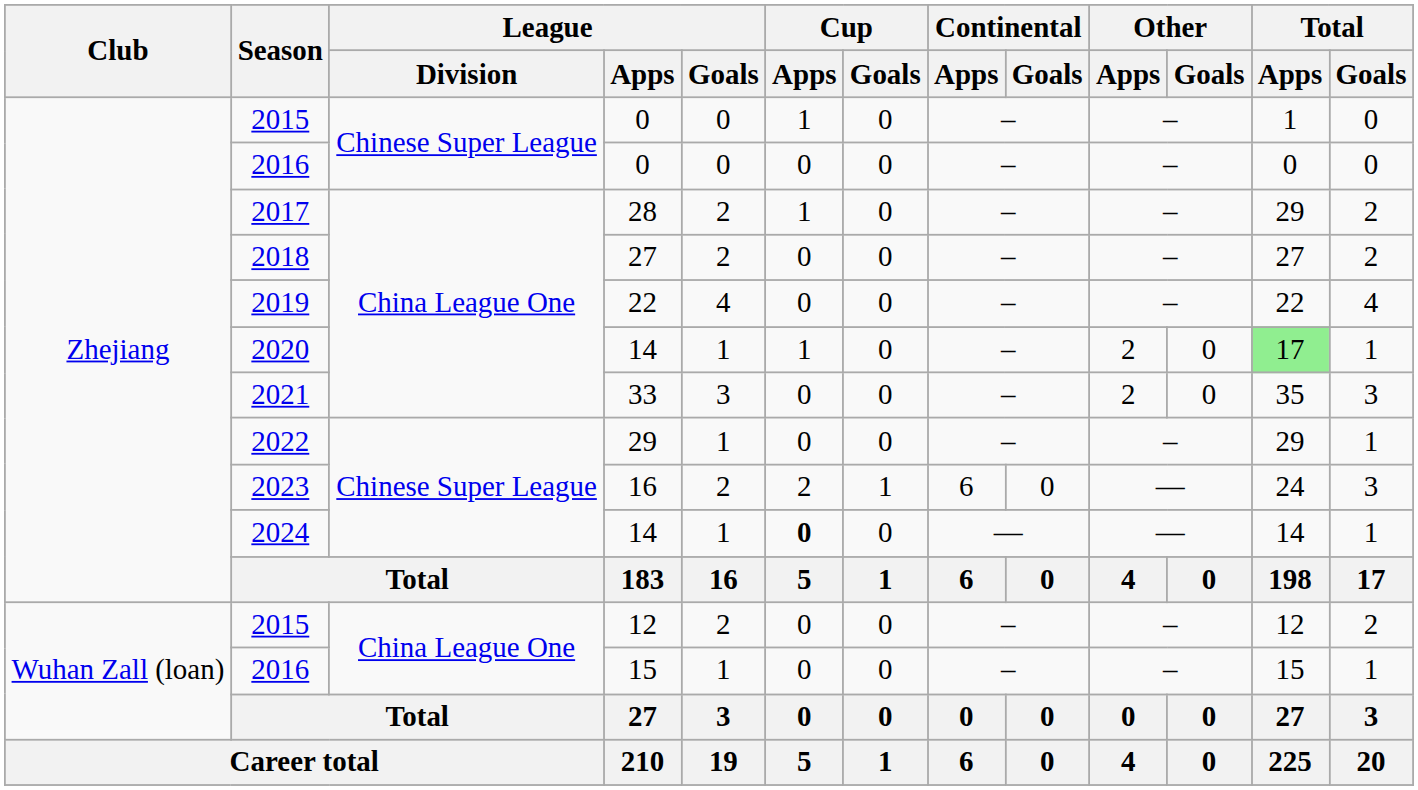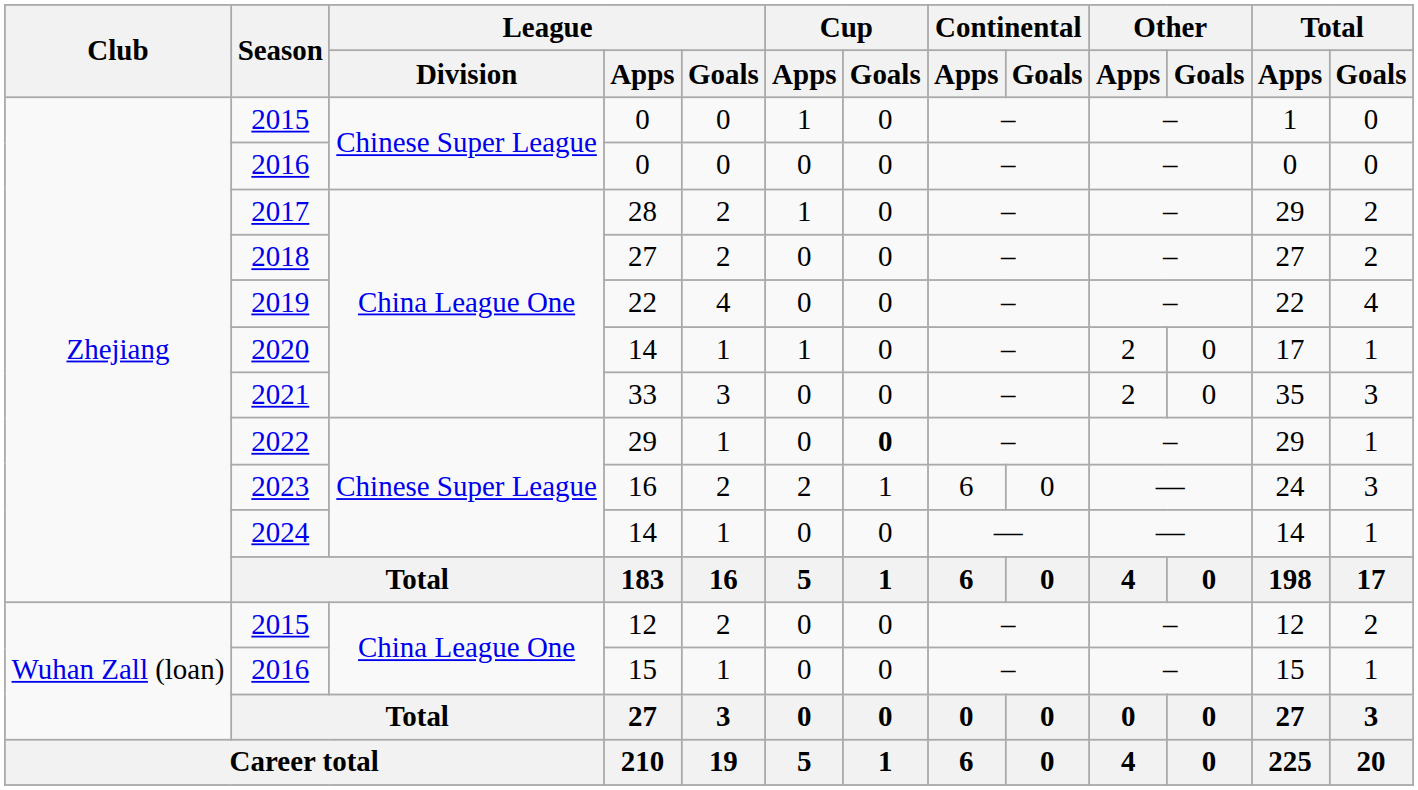 <table class="wikitable" style="text-align: center">
 <tr>
 <th rowspan="2">Club</th>
 <th rowspan="2">Season</th>
 <th colspan="3">League</th>
 <th colspan="2">Cup</th>
 <th colspan="2">Continental</th>
 <th colspan="2">Other</th>
 <th colspan="2">Total</th>
 </tr>
 <tr>
 <th>Division</th>
 <th>Apps</th>
 <th>Goals</th>
 <th>Apps</th>
 <th>Goals</th>
 <th>Apps</th>
 <th>Goals</th>
 <th>Apps</th>
 <th>Goals</th>
 <th>Apps</th>
 <th>Goals</th>
 </tr>
 <tr>
 <td rowspan="11"><a href='#'>Zhejiang</a></td>
 <td><a href='#'>2015</a></td>
 <td rowspan="2"><a href='#'>Chinese Super League</a></td>
 <td>0</td>
 <td>0</td>
 <td>1</td>
 <td>0</td>
 <td colspan="2">–</td>
 <td colspan="2">–</td>
 <td>1</td>
 <td>0</td>
 </tr>
 <tr>
 <td><a href='#'>2016</a></td>
 <td>0</td>
 <td>0</td>
 <td>0</td>
 <td>0</td>
 <td colspan="2">–</td>
 <td colspan="2">–</td>
 <td>0</td>
 <td>0</td>
 </tr>
 <tr>
 <td><a href='#'>2017</a></td>
 <td rowspan="5"><a href='#'>China League One</a></td>
 <td>28</td>
 <td>2</td>
 <td>1</td>
 <td>0</td>
 <td colspan="2">–</td>
 <td colspan="2">–</td>
 <td>29</td>
 <td>2</td>
 </tr>
 <tr>
 <td><a href='#'>2018</a></td>
 <td>27</td>
 <td>2</td>
 <td>0</td>
 <td>0</td>
 <td colspan="2">–</td>
 <td colspan="2">–</td>
 <td>27</td>
 <td>2</td>
 </tr>
 <tr>
 <td><a href='#'>2019</a></td>
 <td>22</td>
 <td>4</td>
 <td>0</td>
 <td>0</td>
 <td colspan="2">–</td>
 <td colspan="2">–</td>
 <td>22</td>
 <td>4</td>
 </tr>
 <tr>
 <td><a href='#'>2020</a></td>
 <td>14</td>
 <td>1</td>
 <td>1</td>
 <td>0</td>
 <td colspan="2">–</td>
 <td>2</td>
 <td>0</td>
-<td style="background: lightgreen;">17</td>
+<td>17</td>
 <td>1</td>
 </tr>
 <tr>
 <td><a href='#'>2021</a></td>
 <td>33</td>
 <td>3</td>
 <td>0</td>
 <td>0</td>
 <td colspan="2">–</td>
 <td>2</td>
 <td>0</td>
 <td>35</td>
 <td>3</td>
 </tr>
 <tr>
 <td><a href='#'>2022</a></td>
 <td rowspan="3"><a href='#'>Chinese Super League</a></td>
 <td>29</td>
 <td>1</td>
 <td>0</td>
-<td>0</td>
+<td><strong>0</strong></td>
 <td colspan="2">–</td>
 <td colspan="2">–</td>
 <td>29</td>
 <td>1</td>
 </tr>
 <tr>
 <td><a href='#'>2023</a></td>
 <td>16</td>
 <td>2</td>
 <td>2</td>
 <td>1</td>
 <td>6</td>
 <td>0</td>
 <td colspan="2">—</td>
 <td>24</td>
 <td>3</td>
 </tr>
 <tr>
 <td><a href='#'>2024</a></td>
 <td>14</td>
 <td>1</td>
-<td><strong>0</strong></td>
+<td>0</td>
 <td>0</td>
 <td colspan="2">—</td>
 <td colspan="2">—</td>
 <td>14</td>
 <td>1</td>
 </tr>
 <tr>
 <th colspan=2>Total</th>
 <th>183</th>
 <th>16</th>
 <th>5</th>
 <th>1</th>
 <th>6</th>
 <th>0</th>
 <th>4</th>
 <th>0</th>
 <th>198</th>
 <th>17</th>
 </tr>
 <tr>
 <td rowspan="3"><a href='#'>Wuhan Zall</a> (loan)</td>
 <td><a href='#'>2015</a></td>
 <td rowspan="2"><a href='#'>China League One</a></td>
 <td>12</td>
 <td>2</td>
 <td>0</td>
 <td>0</td>
 <td colspan="2">–</td>
 <td colspan="2">–</td>
 <td>12</td>
 <td>2</td>
 </tr>
 <tr>
 <td><a href='#'>2016</a></td>
 <td>15</td>
 <td>1</td>
 <td>0</td>
 <td>0</td>
 <td colspan="2">–</td>
 <td colspan="2">–</td>
 <td>15</td>
 <td>1</td>
 </tr>
 <tr>
 <th colspan=2>Total</th>
 <th>27</th>
 <th>3</th>
 <th>0</th>
 <th>0</th>
 <th>0</th>
 <th>0</th>
 <th>0</th>
 <th>0</th>
 <th>27</th>
 <th>3</th>
 </tr>
 <tr>
 <th colspan=3>Career total</th>
 <th>210</th>
 <th>19</th>
 <th>5</th>
 <th>1</th>
 <th>6</th>
 <th>0</th>
 <th>4</th>
 <th>0</th>
 <th>225</th>
 <th>20</th>
 </tr>
 </table>
